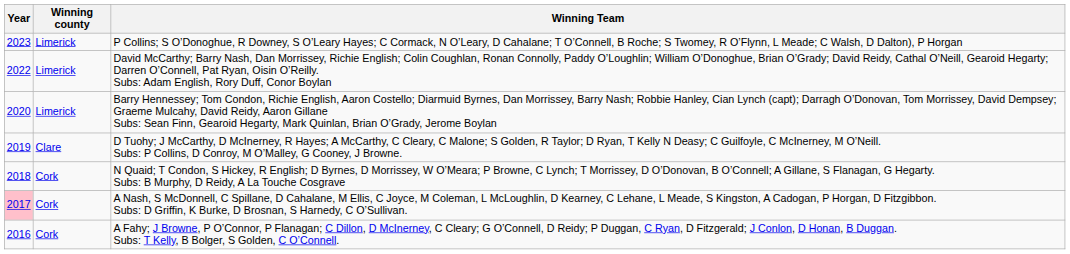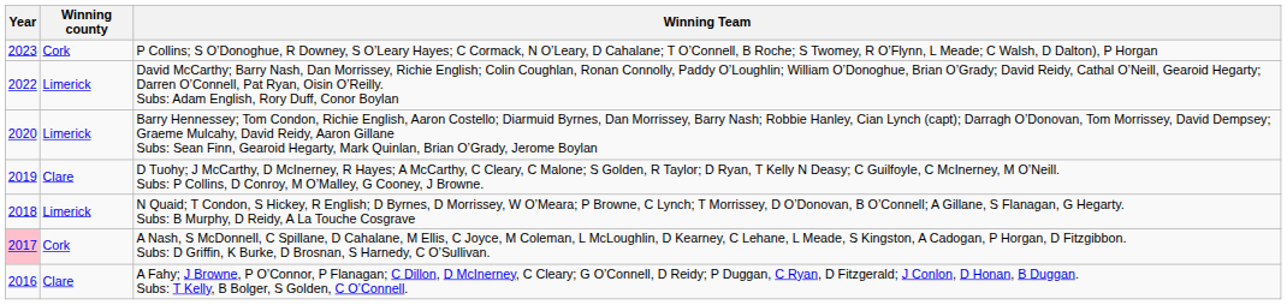 <table class="wikitable" width="100%">
 <tr>
 <th>Year</th>
 <th>Winning county</th>
 <th>Winning Team</th>
 </tr>
 <tr>
 <td><a href='#'>2023</a></td>
-<td><a href='#'>Limerick</a></td>
+<td><a href='#'>Cork</a></td>
 <td>P Collins; S O’Donoghue, R Downey, S O’Leary Hayes; C Cormack, N O’Leary, D Cahalane; T O’Connell, B Roche; S Twomey, R O’Flynn, L Meade; C Walsh, D Dalton), P Horgan</td>
 </tr>
 <tr>
 <td><a href='#'>2022</a></td>
 <td><a href='#'>Limerick</a></td>
 <td>David McCarthy; Barry Nash, Dan Morrissey, Richie English; Colin Coughlan, Ronan Connolly, Paddy O’Loughlin; William O’Donoghue, Brian O’Grady; David Reidy, Cathal O’Neill, Gearoid Hegarty; Darren O’Connell, Pat Ryan, Oisin O’Reilly.<br>Subs: Adam English, Rory Duff, Conor Boylan</td>
 </tr>
 <tr>
 <td><a href='#'>2020</a></td>
 <td><a href='#'>Limerick</a></td>
 <td>Barry Hennessey; Tom Condon, Richie English, Aaron Costello; Diarmuid Byrnes, Dan Morrissey, Barry Nash; Robbie Hanley, Cian Lynch (capt); Darragh O’Donovan, Tom Morrissey, David Dempsey; Graeme Mulcahy, David Reidy, Aaron Gillane<br>Subs: Sean Finn, Gearoid Hegarty, Mark Quinlan, Brian O’Grady, Jerome Boylan</td>
 </tr>
 <tr>
 <td><a href='#'>2019</a></td>
 <td><a href='#'>Clare</a></td>
 <td>D Tuohy; J McCarthy, D McInerney, R Hayes; A McCarthy, C Cleary, C Malone; S Golden, R Taylor; D Ryan, T Kelly N Deasy; C Guilfoyle, C McInerney, M O’Neill.<br>Subs: P Collins, D Conroy, M O’Malley, G Cooney, J Browne.</td>
 </tr>
 <tr>
 <td><a href='#'>2018</a></td>
-<td><a href='#'>Cork</a></td>
+<td><a href='#'>Limerick</a></td>
 <td>N Quaid; T Condon, S Hickey, R English; D Byrnes, D Morrissey, W O’Meara; P Browne, C Lynch; T Morrissey, D O’Donovan, B O’Connell; A Gillane, S Flanagan, G Hegarty.<br>Subs: B Murphy, D Reidy, A La Touche Cosgrave</td>
 </tr>
 <tr>
 <td style="background: pink;"><a href='#'>2017</a></td>
 <td><a href='#'>Cork</a></td>
 <td>A Nash, S McDonnell, C Spillane, D Cahalane, M Ellis, C Joyce, M Coleman, L McLoughlin, D Kearney, C Lehane, L Meade, S Kingston, A Cadogan, P Horgan, D Fitzgibbon.<br>Subs: D Griffin, K Burke, D Brosnan, S Harnedy, C O’Sullivan.</td>
 </tr>
 <tr>
 <td><a href='#'>2016</a></td>
-<td><a href='#'>Cork</a></td>
+<td><a href='#'>Clare</a></td>
 <td>A Fahy; <a href='#'>J Browne</a>, P O’Connor, P Flanagan; <a href='#'>C Dillon</a>, <a href='#'>D McInerney</a>, C Cleary; G O’Connell, D Reidy; P Duggan, <a href='#'>C Ryan</a>, D Fitzgerald; <a href='#'>J Conlon</a>, <a href='#'>D Honan</a>, <a href='#'>B Duggan</a>.<br>Subs: <a href='#'>T Kelly</a>, B Bolger, S Golden, <a href='#'>C O’Connell</a>.</td>
 </tr>
 </table>
